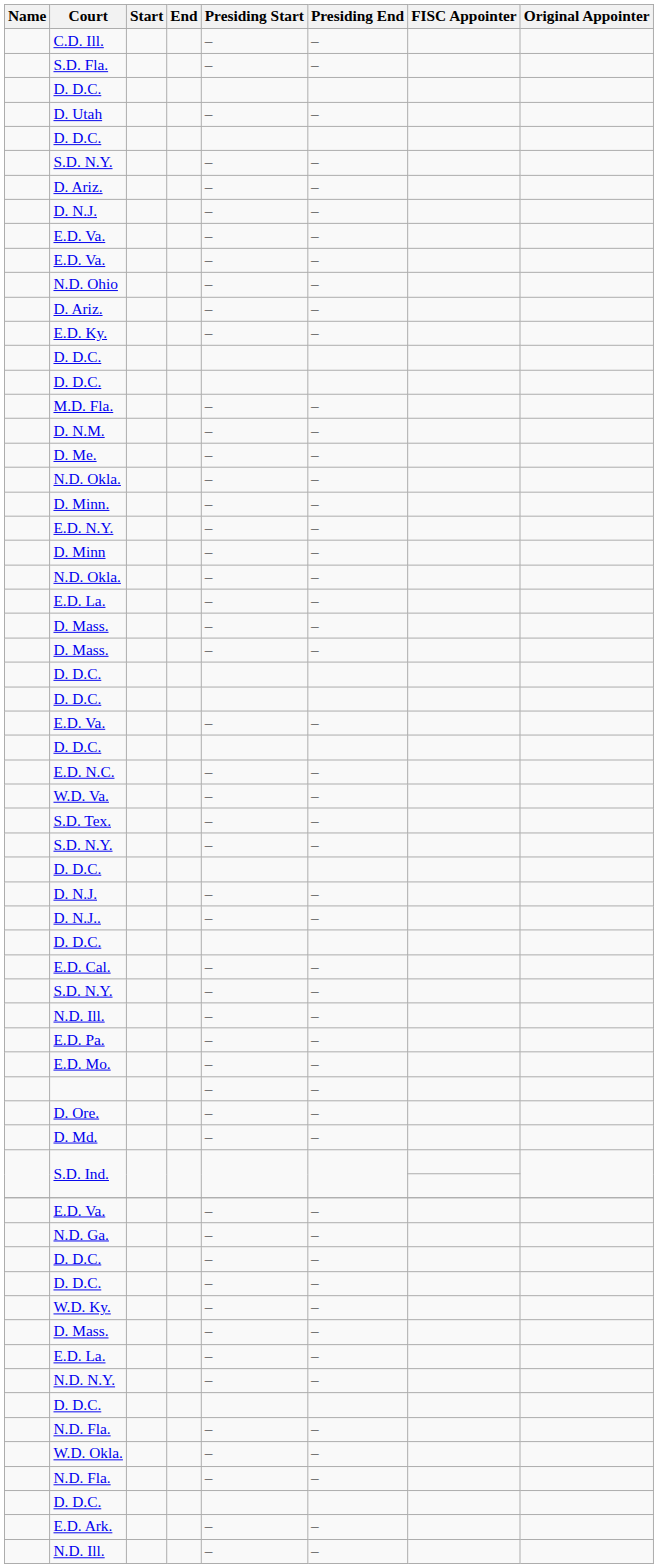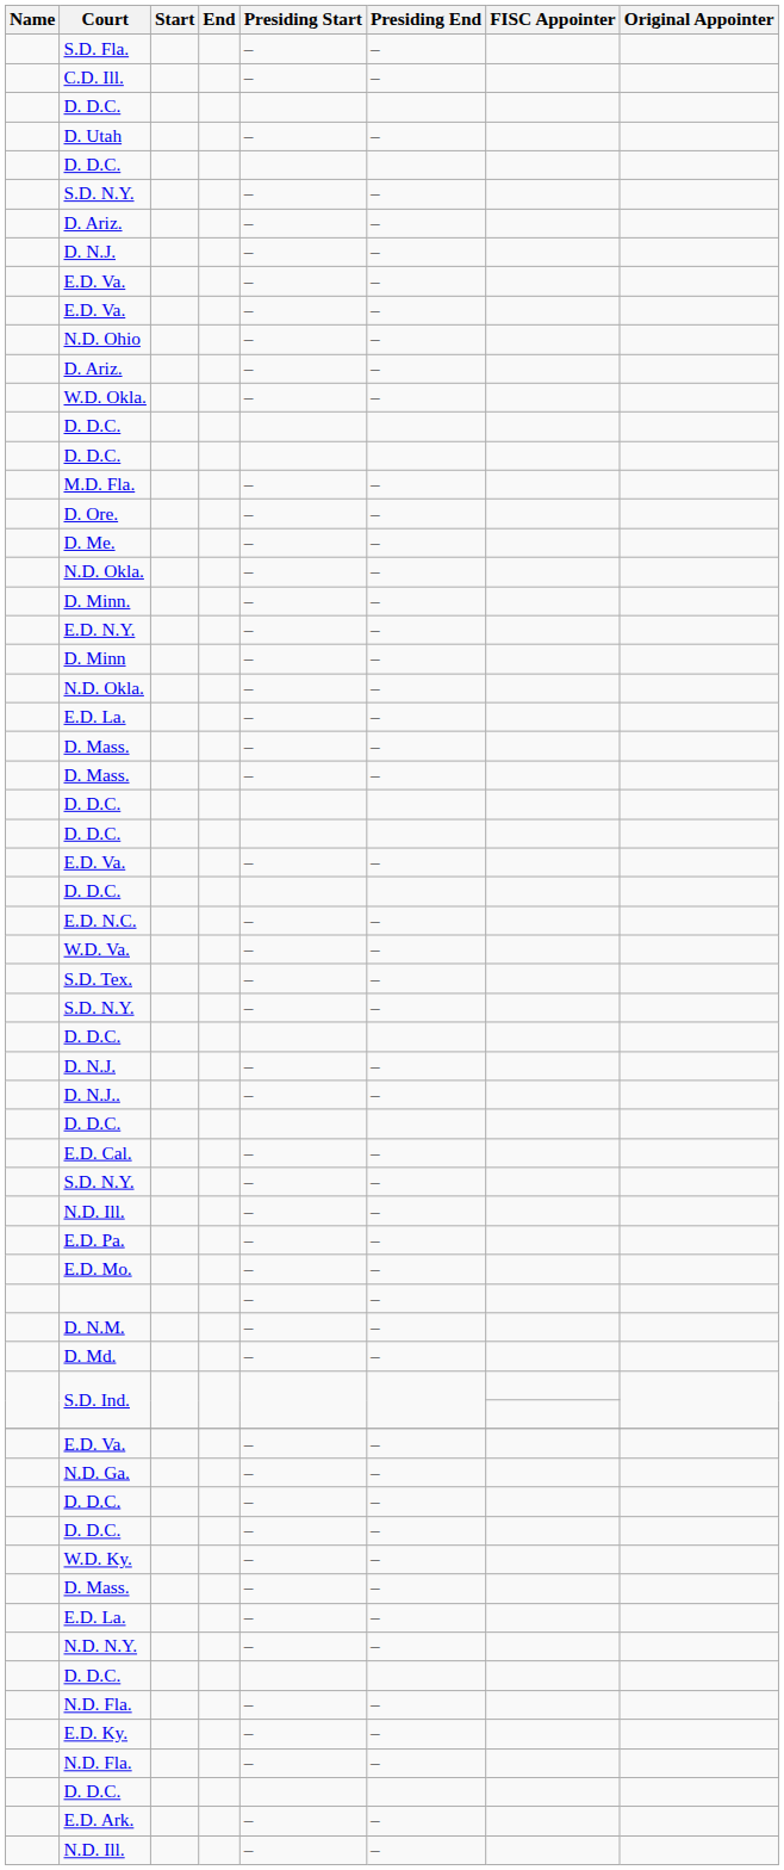 <table class="wikitable collapsible sortable">
 <tr>
 <th>Name</th>
 <th>Court</th>
 <th>Start</th>
 <th>End</th>
 <th>Presiding Start</th>
 <th>Presiding End</th>
 <th>FISC Appointer<br></th>
 <th>Original Appointer<br></th>
 </tr>
 <tr>
 <td></td>
-<td data-sort-value="Illinois, Central"><a href='#'>C.D. Ill.</a></td>
+<td data-sort-value="Florida, Southern"><a href='#'>S.D. Fla.</a></td>
 <td></td>
 <td></td>
 <td>–</td>
 <td>–</td>
 <td></td>
 <td></td>
 </tr>
 <tr>
 <td></td>
-<td data-sort-value="Florida, Southern"><a href='#'>S.D. Fla.</a></td>
+<td data-sort-value="Illinois, Central"><a href='#'>C.D. Ill.</a></td>
 <td></td>
 <td></td>
 <td>–</td>
 <td>–</td>
 <td></td>
 <td></td>
 </tr>
 <tr>
 <td></td>
 <td data-sort-value="District of Columbia"><a href='#'>D. D.C.</a></td>
 <td></td>
 <td></td>
 <td></td>
 <td></td>
 <td></td>
 <td></td>
 </tr>
 <tr>
 <td></td>
 <td data-sort-value="Utah"><a href='#'>D. Utah</a></td>
 <td></td>
 <td></td>
 <td>–</td>
 <td>–</td>
 <td></td>
 <td></td>
 </tr>
 <tr>
 <td></td>
 <td data-sort-value="District of Columbia"><a href='#'>D. D.C.</a></td>
 <td></td>
 <td></td>
 <td></td>
 <td></td>
 <td></td>
 <td></td>
 </tr>
 <tr>
 <td></td>
 <td data-sort-value="New York, Southern"><a href='#'>S.D. N.Y.</a></td>
 <td></td>
 <td></td>
 <td>–</td>
 <td>–</td>
 <td></td>
 <td></td>
 </tr>
 <tr>
 <td></td>
 <td data-sort-value="Arizona"><a href='#'>D. Ariz.</a></td>
 <td></td>
 <td></td>
 <td>–</td>
 <td>–</td>
 <td></td>
 <td></td>
 </tr>
 <tr>
 <td></td>
 <td data-sort-value="New Jersey"><a href='#'>D. N.J.</a></td>
 <td></td>
 <td></td>
 <td>–</td>
 <td>–</td>
 <td></td>
 <td></td>
 </tr>
 <tr>
 <td></td>
 <td data-sort-value="Virginia, Eastern"><a href='#'>E.D. Va.</a></td>
 <td></td>
 <td></td>
 <td>–</td>
 <td>–</td>
 <td></td>
 <td></td>
 </tr>
 <tr>
 <td></td>
 <td data-sort-value="Virginia, Eastern"><a href='#'>E.D. Va.</a></td>
 <td></td>
 <td></td>
 <td>–</td>
 <td>–</td>
 <td></td>
 <td></td>
 </tr>
 <tr>
 <td></td>
 <td data-sort-value="Ohio, Northern"><a href='#'>N.D. Ohio</a></td>
 <td></td>
 <td></td>
 <td>–</td>
 <td>–</td>
 <td></td>
 <td></td>
 </tr>
 <tr>
 <td></td>
 <td data-sort-value="Arizona"><a href='#'>D. Ariz.</a></td>
 <td></td>
 <td></td>
 <td>–</td>
 <td>–</td>
 <td></td>
 <td></td>
 </tr>
 <tr>
 <td></td>
-<td data-sort-value="Kentucky, Eastern"><a href='#'>E.D. Ky.</a></td>
+<td data-sort-value="Oklahoma, Western"><a href='#'>W.D. Okla.</a></td>
 <td></td>
 <td></td>
 <td>–</td>
 <td>–</td>
 <td></td>
 <td></td>
 </tr>
 <tr>
 <td></td>
 <td data-sort-value="District of Columbia"><a href='#'>D. D.C.</a></td>
 <td></td>
 <td></td>
 <td></td>
 <td></td>
 <td></td>
 <td></td>
 </tr>
 <tr>
 <td></td>
 <td data-sort-value="District of Columbia"><a href='#'>D. D.C.</a></td>
 <td></td>
 <td></td>
 <td></td>
 <td></td>
 <td></td>
 <td></td>
 </tr>
 <tr>
 <td></td>
 <td data-sort-value="Florida, Middle"><a href='#'>M.D. Fla.</a></td>
 <td></td>
 <td></td>
 <td>–</td>
 <td>–</td>
 <td></td>
 <td></td>
 </tr>
 <tr>
 <td></td>
-<td data-sort-value="New Mexico"><a href='#'>D. N.M.</a></td>
+<td data-sort-value="Oregon"><a href='#'>D. Ore.</a></td>
 <td></td>
 <td></td>
 <td>–</td>
 <td>–</td>
 <td></td>
 <td></td>
 </tr>
 <tr>
 <td></td>
 <td data-sort-value="Maine"><a href='#'>D. Me.</a></td>
 <td></td>
 <td></td>
 <td>–</td>
 <td>–</td>
 <td></td>
 <td></td>
 </tr>
 <tr>
 <td></td>
 <td data-sort-value="Oklahoma, Northern"><a href='#'>N.D. Okla.</a></td>
 <td></td>
 <td></td>
 <td>–</td>
 <td>–</td>
 <td></td>
 <td></td>
 </tr>
 <tr>
 <td></td>
 <td data-sort-value="Minnesota"><a href='#'>D. Minn.</a></td>
 <td></td>
 <td></td>
 <td>–</td>
 <td>–</td>
 <td></td>
 <td></td>
 </tr>
 <tr>
 <td></td>
 <td data-sort-value="New York, Eastern"><a href='#'>E.D. N.Y.</a></td>
 <td></td>
 <td></td>
 <td>–</td>
 <td>–</td>
 <td></td>
 <td></td>
 </tr>
 <tr>
 <td></td>
 <td data-sort-value="Minnesota"><a href='#'>D. Minn</a></td>
 <td></td>
 <td></td>
 <td>–</td>
 <td>–</td>
 <td></td>
 <td></td>
 </tr>
 <tr>
 <td></td>
 <td data-sort-value="Oklahoma, Northern"><a href='#'>N.D. Okla.</a></td>
 <td></td>
 <td></td>
 <td>–</td>
 <td>–</td>
 <td></td>
 <td></td>
 </tr>
 <tr>
 <td></td>
 <td data-sort-value="Louisiana, Eastern"><a href='#'>E.D. La.</a></td>
 <td></td>
 <td></td>
 <td>–</td>
 <td>–</td>
 <td></td>
 <td></td>
 </tr>
 <tr>
 <td></td>
 <td data-sort-value="Massachusetts"><a href='#'>D. Mass.</a></td>
 <td></td>
 <td></td>
 <td>–</td>
 <td>–</td>
 <td></td>
 <td></td>
 </tr>
 <tr>
 <td></td>
 <td data-sort-value="Massachusetts"><a href='#'>D. Mass.</a></td>
 <td></td>
 <td></td>
 <td>–</td>
 <td>–</td>
 <td></td>
 <td></td>
 </tr>
 <tr>
 <td></td>
 <td data-sort-value="District of Columbia"><a href='#'>D. D.C.</a></td>
 <td></td>
 <td></td>
 <td></td>
 <td></td>
 <td></td>
 <td></td>
 </tr>
 <tr>
 <td></td>
 <td data-sort-value="District of Columbia"><a href='#'>D. D.C.</a></td>
 <td></td>
 <td></td>
 <td></td>
 <td></td>
 <td></td>
 <td></td>
 </tr>
 <tr>
 <td></td>
 <td data-sort-value="Virginia, Eastern"><a href='#'>E.D. Va.</a></td>
 <td></td>
 <td></td>
 <td>–</td>
 <td>–</td>
 <td></td>
 <td></td>
 </tr>
 <tr>
 <td></td>
 <td data-sort-value="District of Columbia"><a href='#'>D. D.C.</a></td>
 <td></td>
 <td></td>
 <td></td>
 <td></td>
 <td></td>
 <td></td>
 </tr>
 <tr>
 <td></td>
 <td data-sort-value="North Carolina, Eastern"><a href='#'>E.D. N.C.</a></td>
 <td></td>
 <td></td>
 <td>–</td>
 <td>–</td>
 <td></td>
 <td></td>
 </tr>
 <tr>
 <td></td>
 <td data-sort-value="Virginia, Western"><a href='#'>W.D. Va.</a></td>
 <td></td>
 <td></td>
 <td>–</td>
 <td>–</td>
 <td></td>
 <td></td>
 </tr>
 <tr>
 <td></td>
 <td data-sort-value="Texas, Southern"><a href='#'>S.D. Tex.</a></td>
 <td></td>
 <td></td>
 <td>–</td>
 <td>–</td>
 <td></td>
 <td></td>
 </tr>
 <tr>
 <td></td>
 <td data-sort-value="New York, Southern"><a href='#'>S.D. N.Y.</a></td>
 <td></td>
 <td></td>
 <td>–</td>
 <td>–</td>
 <td></td>
 <td></td>
 </tr>
 <tr>
 <td></td>
 <td data-sort-value="District of Columbia"><a href='#'>D. D.C.</a></td>
 <td></td>
 <td></td>
 <td></td>
 <td></td>
 <td></td>
 <td></td>
 </tr>
 <tr>
 <td></td>
 <td data-sort-value="New Jersey"><a href='#'>D. N.J.</a></td>
 <td></td>
 <td></td>
 <td>–</td>
 <td>–</td>
 <td></td>
 <td></td>
 </tr>
 <tr>
 <td></td>
 <td data-sort-value="New Jersey"><a href='#'>D. N.J..</a></td>
 <td></td>
 <td></td>
 <td>–</td>
 <td>–</td>
 <td></td>
 <td></td>
 </tr>
 <tr>
 <td></td>
 <td data-sort-value="District of Columbia"><a href='#'>D. D.C.</a></td>
 <td></td>
 <td></td>
 <td></td>
 <td></td>
 <td></td>
 <td></td>
 </tr>
 <tr>
 <td></td>
 <td data-sort-value="California, Eastern"><a href='#'>E.D. Cal.</a></td>
 <td></td>
 <td></td>
 <td>–</td>
 <td>–</td>
 <td></td>
 <td></td>
 </tr>
 <tr>
 <td></td>
 <td data-sort-value="New York, Southern"><a href='#'>S.D. N.Y.</a></td>
 <td></td>
 <td></td>
 <td>–</td>
 <td>–</td>
 <td></td>
 <td></td>
 </tr>
 <tr>
 <td></td>
 <td data-sort-value="Illinois, Northern"><a href='#'>N.D. Ill.</a></td>
 <td></td>
 <td></td>
 <td>–</td>
 <td>–</td>
 <td></td>
 <td></td>
 </tr>
 <tr>
 <td></td>
 <td data-sort-value="Pennsylvania, Eastern"><a href='#'>E.D. Pa.</a></td>
 <td></td>
 <td></td>
 <td>–</td>
 <td>–</td>
 <td></td>
 <td></td>
 </tr>
 <tr>
 <td></td>
 <td data-sort-value="Missouri, Eastern"><a href='#'>E.D. Mo.</a></td>
 <td></td>
 <td></td>
 <td>–</td>
 <td>–</td>
 <td></td>
 <td></td>
 </tr>
 <tr>
 <td></td>
 <td data-sort-value="Michigan, Western"></td>
 <td></td>
 <td></td>
 <td>–</td>
 <td>–</td>
 <td></td>
 <td></td>
 </tr>
 <tr>
 <td></td>
-<td data-sort-value="Oregon"><a href='#'>D. Ore.</a></td>
+<td data-sort-value="New Mexico"><a href='#'>D. N.M.</a></td>
 <td></td>
 <td></td>
 <td>–</td>
 <td>–</td>
 <td></td>
 <td></td>
 </tr>
 <tr>
 <td></td>
 <td data-sort-value="Maryland"><a href='#'>D. Md.</a></td>
 <td></td>
 <td></td>
 <td>–</td>
 <td>–</td>
 <td></td>
 <td></td>
 </tr>
 <tr>
 <td rowspan=2></td>
 <td rowspan=2 data-sort-value="Indiana, Southern"><a href='#'>S.D. Ind.</a></td>
 <td rowspan=2></td>
 <td rowspan=2></td>
 <td rowspan=2></td>
 <td rowspan=2></td>
 <td><br></td>
 <td rowspan=2></td>
 </tr>
 <tr>
 <td><br></td>
 </tr>
 <tr>
 </tr>
 <tr>
 <td></td>
 <td data-sort-value="Virginia, Eastern"><a href='#'>E.D. Va.</a></td>
 <td></td>
 <td></td>
 <td>–</td>
 <td>–</td>
 <td></td>
 <td></td>
 </tr>
 <tr>
 <td></td>
 <td data-sort-value="Georgia, Northern"><a href='#'>N.D. Ga.</a></td>
 <td></td>
 <td></td>
 <td>–</td>
 <td>–</td>
 <td></td>
 <td></td>
 </tr>
 <tr>
 <td></td>
 <td data-sort-value="District of Columbia"><a href='#'>D. D.C.</a></td>
 <td></td>
 <td></td>
 <td>–</td>
 <td>–</td>
 <td></td>
 <td></td>
 </tr>
 <tr>
 <td></td>
 <td data-sort-value="District of Columbia"><a href='#'>D. D.C.</a></td>
 <td></td>
 <td></td>
 <td>–</td>
 <td>–</td>
 <td></td>
 <td></td>
 </tr>
 <tr>
 <td></td>
 <td data-sort-value="Kentucky, Western"><a href='#'>W.D. Ky.</a></td>
 <td></td>
 <td></td>
 <td>–</td>
 <td>–</td>
 <td></td>
 <td></td>
 </tr>
 <tr>
 <td></td>
 <td data-sort-value="Massachusetts"><a href='#'>D. Mass.</a></td>
 <td></td>
 <td></td>
 <td>–</td>
 <td>–</td>
 <td></td>
 <td></td>
 </tr>
 <tr>
 <td></td>
 <td data-sort-value="Louisiana, Eastern"><a href='#'>E.D. La.</a></td>
 <td></td>
 <td></td>
 <td>–</td>
 <td>–</td>
 <td></td>
 <td></td>
 </tr>
 <tr>
 <td></td>
 <td data-sort-value="New York, Northern"><a href='#'>N.D. N.Y.</a></td>
 <td></td>
 <td></td>
 <td>–</td>
 <td>–</td>
 <td></td>
 <td></td>
 </tr>
 <tr>
 <td></td>
 <td data-sort-value="District of Columbia"><a href='#'>D. D.C.</a></td>
 <td></td>
 <td></td>
 <td></td>
 <td></td>
 <td></td>
 <td></td>
 </tr>
 <tr>
 <td></td>
 <td data-sort-value="Florida, Northern"><a href='#'>N.D. Fla.</a></td>
 <td></td>
 <td></td>
 <td>–</td>
 <td>–</td>
 <td></td>
 <td></td>
 </tr>
 <tr>
 <td></td>
-<td data-sort-value="Oklahoma, Western"><a href='#'>W.D. Okla.</a></td>
+<td data-sort-value="Kentucky, Eastern"><a href='#'>E.D. Ky.</a></td>
 <td></td>
 <td></td>
 <td>–</td>
 <td>–</td>
 <td></td>
 <td></td>
 </tr>
 <tr>
 <td></td>
 <td data-sort-value="Florida, Northern"><a href='#'>N.D. Fla.</a></td>
 <td></td>
 <td></td>
 <td>–</td>
 <td>–</td>
 <td></td>
 <td></td>
 </tr>
 <tr>
 <td></td>
 <td data-sort-value="District of Columbia"><a href='#'>D. D.C.</a></td>
 <td></td>
 <td></td>
 <td></td>
 <td></td>
 <td></td>
 <td></td>
 </tr>
 <tr>
 <td></td>
 <td data-sort-value="Arkansas, Eastern"><a href='#'>E.D. Ark.</a></td>
 <td></td>
 <td></td>
 <td>–</td>
 <td>–</td>
 <td></td>
 <td></td>
 </tr>
 <tr>
 <td></td>
 <td data-sort-value="Illinois, Northern"><a href='#'>N.D. Ill.</a></td>
 <td></td>
 <td></td>
 <td>–</td>
 <td>–</td>
 <td></td>
 <td></td>
 </tr>
 </table>
